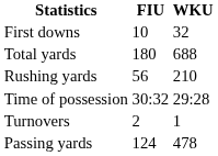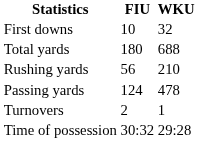 <table class="wiki table">
 <tr>
 <th>Statistics</th>
 <th>FIU</th>
 <th>WKU</th>
 </tr>
 <tr>
 <td>First downs</td>
 <td>10</td>
 <td>32</td>
 </tr>
 <tr>
 <td>Total yards</td>
 <td>180</td>
 <td>688</td>
 </tr>
 <tr>
 <td>Rushing yards</td>
 <td>56</td>
 <td>210</td>
 </tr>
 <tr>
-<td>Time of possession</td>
-<td>30:32</td>
-<td>29:28</td>
+<td>Passing yards</td>
+<td>124</td>
+<td>478</td>
 </tr>
 <tr>
 <td>Turnovers</td>
 <td>2</td>
 <td>1</td>
 </tr>
 <tr>
-<td>Passing yards</td>
-<td>124</td>
-<td>478</td>
+<td>Time of possession</td>
+<td>30:32</td>
+<td>29:28</td>
 </tr>
 <tr>
 </tr>
 </table>
